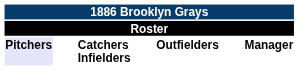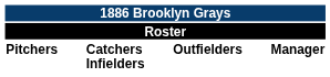 <table class="toccolours" style="font-size: 95%;">
 <tr>
 <th colspan="10" style="background-color: #083c6b; color: white; text-align: center;">1886 Brooklyn Grays</th>
 </tr>
 <tr>
 <td colspan="10" style="background-color: black; color: white; text-align: center;"><strong>Roster</strong></td>
 </tr>
 <tr>
-<td valign="top" style="background: lavender;"><strong>Pitchers</strong><br>    </td>
+<td valign="top"><strong>Pitchers</strong><br>    </td>
 <td width="25px"></td>
 <td valign="top"><strong>Catchers</strong><br>    <strong>Infielders</strong>    </td>
 <td width="25px"></td>
 <td valign="top"><strong>Outfielders</strong><br>     </td>
 <td width="25px"></td>
 <td valign="top"><strong>Manager</strong><br></td>
 </tr>
 </table>
